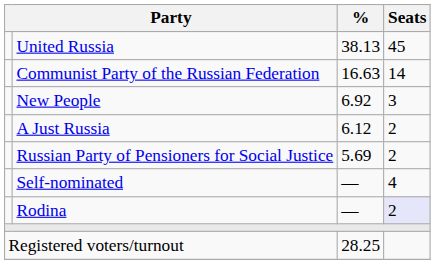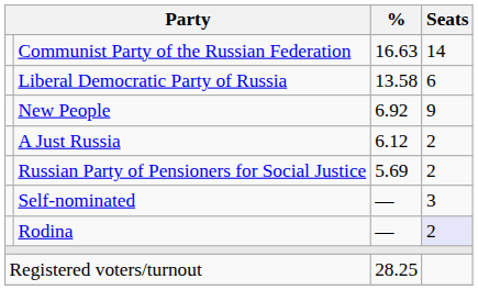 <table class="wikitable">
 <tr>
 <th colspan=2>Party</th>
 <th>%</th>
 <th>Seats</th>
-</tr>
-<tr>
-<td style="background:"></td>
-<td><a href='#'>United Russia</a></td>
-<td>38.13</td>
-<td>45</td>
 </tr>
 <tr>
 <td style="background:"></td>
 <td><a href='#'>Communist Party of the Russian Federation</a></td>
 <td>16.63</td>
 <td>14</td>
 </tr>
 <tr>
 <td style="background:"></td>
+<td><a href='#'>Liberal Democratic Party of Russia</a></td>
+<td>13.58</td>
+<td>6</td>
+</tr>
+<tr>
+<td style="background:"></td>
 <td><a href='#'>New People</a></td>
 <td>6.92</td>
-<td>3</td>
+<td>9</td>
 </tr>
 <tr>
 <td style="background:"></td>
 <td><a href='#'>A Just Russia</a></td>
 <td>6.12</td>
 <td>2</td>
 </tr>
 <tr>
 <td style="background:"></td>
 <td><a href='#'>Russian Party of Pensioners for Social Justice</a></td>
 <td>5.69</td>
 <td>2</td>
 </tr>
 <tr>
 <td style="background:"></td>
 <td><a href='#'>Self-nominated</a></td>
 <td>—</td>
-<td>4</td>
+<td>3</td>
 </tr>
 <tr>
 <td style="background:"></td>
 <td><a href='#'>Rodina</a></td>
 <td>—</td>
 <td style="background: lavender;">2</td>
 </tr>
 <tr>
 <td colspan=4 style="background:#E9E9E9;"></td>
 </tr>
 <tr>
 <td align=left colspan=2>Registered voters/turnout</td>
 <td>28.25</td>
 <td></td>
 </tr>
 <tr>
 </tr>
 </table>
